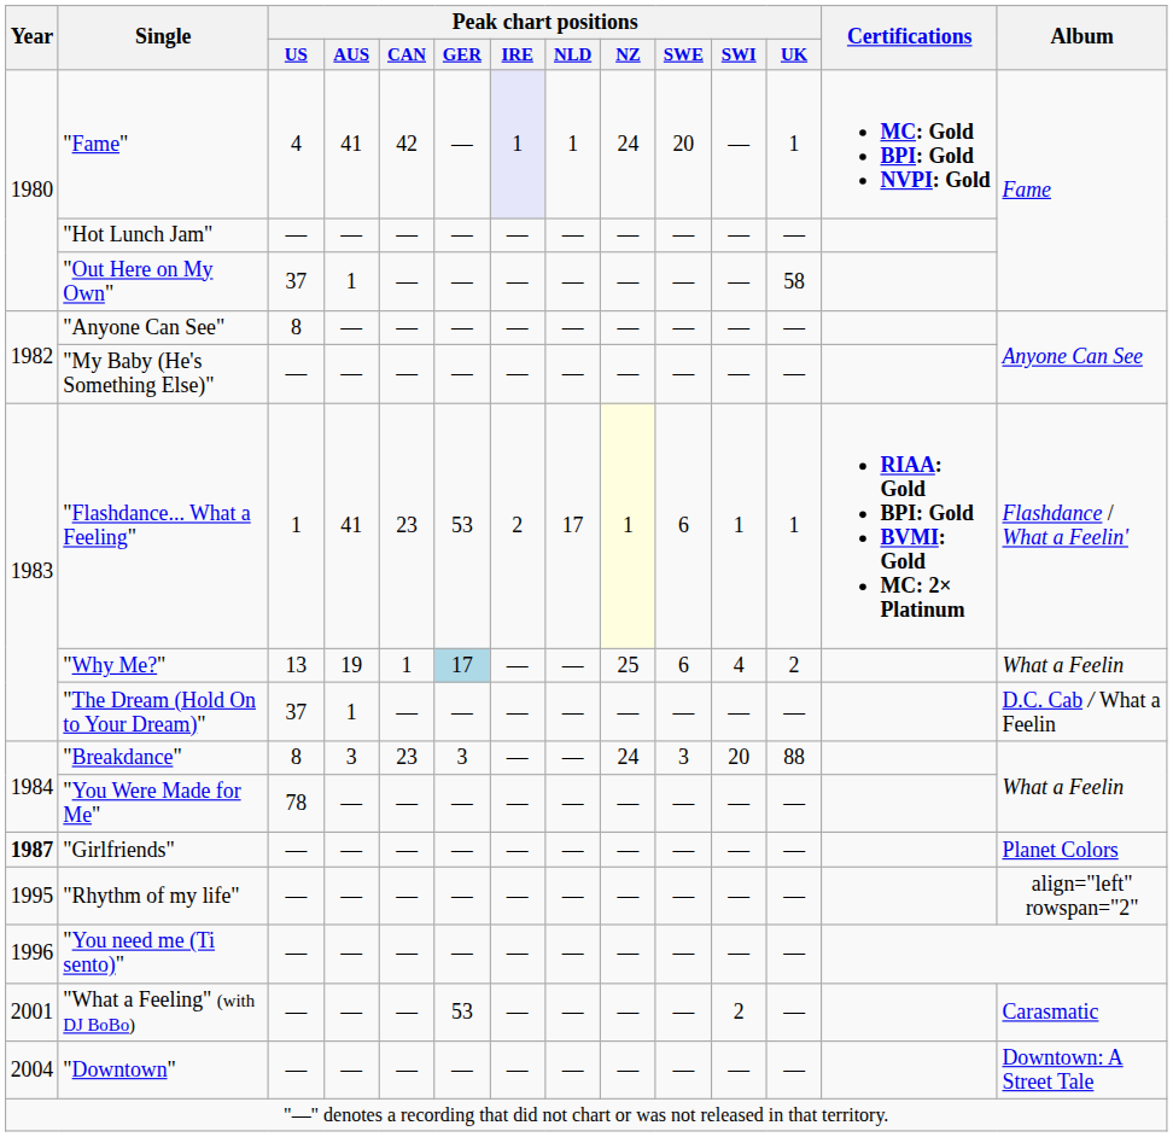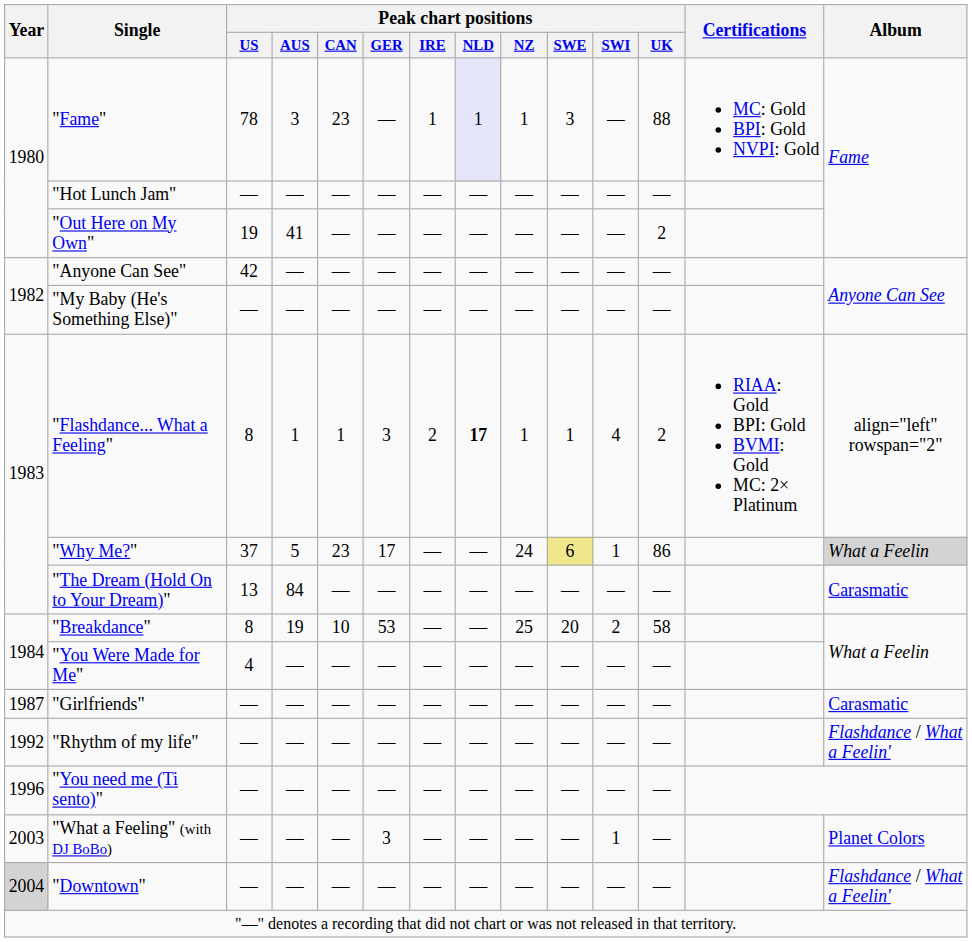 <table class="wikitable" style="text-align:center;">
 <tr>
 <th rowspan="2">Year</th>
 <th rowspan="2">Single</th>
 <th colspan="10">Peak chart positions</th>
 <th rowspan="2"><a href='#'>Certifications</a></th>
 <th rowspan="2">Album</th>
 </tr>
 <tr style="font-size:smaller;">
 <th width="35"><a href='#'>US</a><br></th>
 <th width="35"><a href='#'>AUS</a><br></th>
 <th width="35"><a href='#'>CAN</a><br></th>
 <th width="35"><a href='#'>GER</a><br></th>
 <th width="35"><a href='#'>IRE</a><br></th>
 <th width="35"><a href='#'>NLD</a><br></th>
 <th width="35"><a href='#'>NZ</a><br></th>
 <th width="35"><a href='#'>SWE</a><br></th>
 <th width="35"><a href='#'>SWI</a><br></th>
 <th width="35"><a href='#'>UK</a><br></th>
 </tr>
 <tr>
 <td rowspan="3">1980</td>
 <td align="left">"<a href='#'>Fame</a>"</td>
-<td>4</td>
-<td>41</td>
-<td>42</td>
+<td>78</td>
+<td>3</td>
+<td>23</td>
 <td>—</td>
+<td>1</td>
 <td style="background: lavender;">1</td>
 <td>1</td>
-<td>24</td>
-<td>20</td>
+<td>3</td>
 <td>—</td>
-<td>1</td>
-<td align=left><strong><br><ul><li><a href='#'>MC</a>: Gold</li><li><a href='#'>BPI</a>: Gold</li><li><a href='#'>NVPI</a>: Gold</li></ul></strong></td>
+<td>88</td>
+<td align=left><br><ul><li><a href='#'>MC</a>: Gold</li><li><a href='#'>BPI</a>: Gold</li><li><a href='#'>NVPI</a>: Gold</li></ul></td>
 <td align="left" rowspan="3"><em><a href='#'>Fame</a></em></td>
 </tr>
 <tr>
 <td align="left">"Hot Lunch Jam"</td>
 <td>—</td>
 <td>—</td>
 <td>—</td>
 <td>—</td>
 <td>—</td>
 <td>—</td>
 <td>—</td>
 <td>—</td>
 <td>—</td>
 <td>—</td>
 <td align=left></td>
 </tr>
 <tr>
 <td align="left">"<a href='#'>Out Here on My Own</a>"</td>
-<td>37</td>
-<td>1</td>
+<td>19</td>
+<td>41</td>
 <td>—</td>
 <td>—</td>
 <td>—</td>
 <td>—</td>
 <td>—</td>
 <td>—</td>
 <td>—</td>
-<td>58</td>
+<td>2</td>
 <td align=left></td>
 </tr>
 <tr>
 <td rowspan="2">1982</td>
 <td align="left">"Anyone Can See"</td>
-<td>8</td>
+<td>42</td>
 <td>—</td>
 <td>—</td>
 <td>—</td>
 <td>—</td>
 <td>—</td>
 <td>—</td>
 <td>—</td>
 <td>—</td>
 <td>—</td>
 <td align=left></td>
 <td align="left" rowspan="2"><em><a href='#'>Anyone Can See</a></em></td>
 </tr>
 <tr>
 <td align="left">"My Baby (He's Something Else)"</td>
 <td>—</td>
 <td>—</td>
 <td>—</td>
 <td>—</td>
 <td>—</td>
 <td>—</td>
 <td>—</td>
 <td>—</td>
 <td>—</td>
 <td>—</td>
 <td align=left></td>
 </tr>
 <tr>
 <td rowspan="3">1983</td>
 <td align="left">"<a href='#'>Flashdance... What a Feeling</a>"</td>
-<td>1</td>
-<td>41</td>
-<td>23</td>
-<td>53</td>
-<td>2</td>
-<td>17</td>
-<td style="background: lightyellow;">1</td>
-<td>6</td>
+<td>8</td>
 <td>1</td>
 <td>1</td>
-<td align=left><strong><br><ul><li><a href='#'>RIAA</a>: Gold</li><li>BPI: Gold</li><li><a href='#'>BVMI</a>: Gold</li><li>MC: 2× Platinum</li></ul></strong></td>
-<td align="left"><em><a href='#'>Flashdance</a></em> / <em><a href='#'>What a Feelin'</a></em></td>
+<td>3</td>
+<td>2</td>
+<td><strong>17</strong></td>
+<td>1</td>
+<td>1</td>
+<td>4</td>
+<td>2</td>
+<td align=left><br><ul><li><a href='#'>RIAA</a>: Gold</li><li>BPI: Gold</li><li><a href='#'>BVMI</a>: Gold</li><li>MC: 2× Platinum</li></ul></td>
+<td>align="left" rowspan="2" </td>
 </tr>
 <tr>
 <td align="left">"<a href='#'>Why Me?</a>"</td>
-<td>13</td>
-<td>19</td>
-<td>1</td>
-<td style="background: lightblue;">17</td>
+<td>37</td>
+<td>5</td>
+<td>23</td>
+<td>17</td>
 <td>—</td>
 <td>—</td>
-<td>25</td>
-<td>6</td>
-<td>4</td>
-<td>2</td>
+<td>24</td>
+<td style="background: khaki;">6</td>
+<td>1</td>
+<td>86</td>
 <td align=left></td>
-<td align="left"><em>What a Feelin<strong></td>
+<td align="left" style="background: lightgrey;"><em>What a Feelin<strong></td>
 </tr>
 <tr>
 <td align="left">"<a href='#'>The Dream (Hold On to Your Dream)</a>"</td>
-<td>37</td>
-<td>1</td>
+<td>13</td>
+<td>84</td>
 <td>—</td>
 <td>—</td>
 <td>—</td>
 <td>—</td>
 <td>—</td>
 <td>—</td>
 <td>—</td>
 <td>—</td>
 <td align=left></td>
-<td align="left"></em><a href='#'>D.C. Cab</a><em> / </em>What a Feelin</strong></td>
+<td align="left"></em><a href='#'>Carasmatic</a><em></td>
 </tr>
 <tr>
 <td rowspan="2">1984</td>
 <td align="left">"<a href='#'>Breakdance</a>"</td>
 <td>8</td>
-<td>3</td>
-<td>23</td>
-<td>3</td>
+<td>19</td>
+<td>10</td>
+<td>53</td>
 <td>—</td>
 <td>—</td>
-<td>24</td>
-<td>3</td>
+<td>25</td>
 <td>20</td>
-<td>88</td>
+<td>2</td>
+<td>58</td>
 <td align=left></td>
 <td align="left" rowspan="2"><em>What a Feelin<strong></td>
 </tr>
 <tr>
 <td align="left">"<a href='#'>You Were Made for Me</a>"</td>
-<td>78</td>
+<td>4</td>
 <td>—</td>
 <td>—</td>
 <td>—</td>
 <td>—</td>
 <td>—</td>
 <td>—</td>
 <td>—</td>
 <td>—</td>
 <td>—</td>
 <td align=left></td>
 </tr>
 <tr>
-<td><strong>1987</strong></td>
+<td>1987</td>
 <td align="left">"Girlfriends"</td>
 <td>—</td>
 <td>—</td>
 <td>—</td>
 <td>—</td>
 <td>—</td>
 <td>—</td>
 <td>—</td>
 <td>—</td>
 <td>—</td>
 <td>—</td>
 <td align=left></td>
-<td align="left"></em><a href='#'>Planet Colors</a><em></td>
+<td align="left"></em><a href='#'>Carasmatic</a><em></td>
 </tr>
 <tr>
-<td>1995</td>
+<td>1992</td>
 <td align="left">"Rhythm of my life"</td>
 <td>—</td>
 <td>—</td>
 <td>—</td>
 <td>—</td>
 <td>—</td>
 <td>—</td>
 <td>—</td>
 <td>—</td>
 <td>—</td>
 <td>—</td>
 <td align=left></td>
-<td>align="left" rowspan="2" </td>
+<td align="left"><em><a href='#'>Flashdance</a></em> / <em><a href='#'>What a Feelin'</a></em></td>
 </tr>
 <tr>
 <td>1996</td>
 <td align="left">"<a href='#'>You need me (Ti sento)</a>"</td>
 <td>—</td>
 <td>—</td>
 <td>—</td>
 <td>—</td>
 <td>—</td>
 <td>—</td>
 <td>—</td>
 <td>—</td>
 <td>—</td>
 <td>—</td>
 </tr>
 <tr>
-<td>2001</td>
+<td>2003</td>
 <td align="left">"What a Feeling" <small>(with <a href='#'>DJ BoBo</a>)</small></td>
 <td>—</td>
 <td>—</td>
 <td>—</td>
-<td>53</td>
+<td>3</td>
 <td>—</td>
 <td>—</td>
 <td>—</td>
 <td>—</td>
-<td>2</td>
+<td>1</td>
 <td>—</td>
 <td align=left></td>
-<td align="left"></em><a href='#'>Carasmatic</a><em></td>
+<td align="left"></em><a href='#'>Planet Colors</a><em></td>
 </tr>
 <tr>
-<td>2004</td>
+<td style="background: lightgrey;">2004</td>
 <td align="left">"<a href='#'>Downtown</a>"</td>
 <td>—</td>
 <td>—</td>
 <td>—</td>
 <td>—</td>
 <td>—</td>
 <td>—</td>
 <td>—</td>
 <td>—</td>
 <td>—</td>
 <td>—</td>
 <td align=left></td>
-<td align="left"></em><a href='#'>Downtown: A Street Tale</a><em></td>
+<td align="left"><em><a href='#'>Flashdance</a></em> / <em><a href='#'>What a Feelin'</a></em></td>
 </tr>
 <tr>
 <td colspan="15" style="font-size:90%">"—" denotes a recording that did not chart or was not released in that territory.</td>
 </tr>
 </table>
